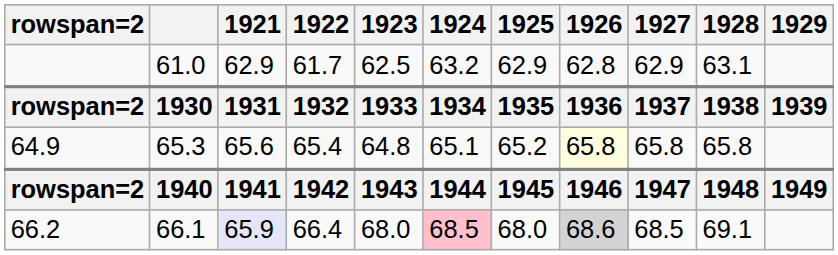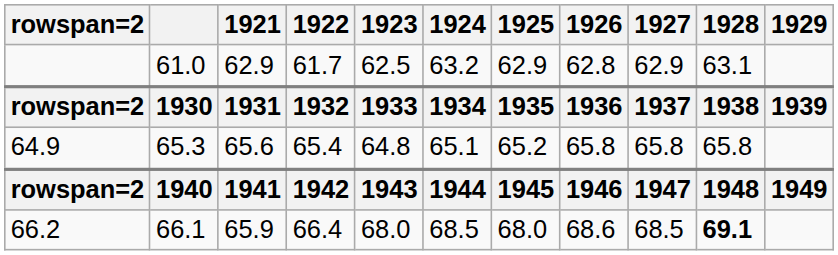 <table class="wikitable">
 <tr>
 <th>rowspan=2 </th>
 <th></th>
 <th>1921</th>
 <th>1922</th>
 <th>1923</th>
 <th>1924</th>
 <th>1925</th>
 <th>1926</th>
 <th>1927</th>
 <th>1928</th>
 <th>1929</th>
 </tr>
 <tr>
 <td></td>
 <td>61.0</td>
 <td>62.9</td>
 <td>61.7</td>
 <td>62.5</td>
 <td>63.2</td>
 <td>62.9</td>
 <td>62.8</td>
 <td>62.9</td>
 <td>63.1</td>
 </tr>
 <tr style="border-top:2px solid gray">
 <th>rowspan=2 </th>
 <th>1930</th>
 <th>1931</th>
 <th>1932</th>
 <th>1933</th>
 <th>1934</th>
 <th>1935</th>
 <th>1936</th>
 <th>1937</th>
 <th>1938</th>
 <th>1939</th>
 </tr>
 <tr>
 <td>64.9</td>
 <td>65.3</td>
 <td>65.6</td>
 <td>65.4</td>
 <td>64.8</td>
 <td>65.1</td>
 <td>65.2</td>
-<td style="background: lightyellow;">65.8</td>
+<td>65.8</td>
 <td>65.8</td>
 <td>65.8</td>
 </tr>
 <tr style="border-top:2px solid gray">
 <th>rowspan=2 </th>
 <th>1940</th>
 <th>1941</th>
 <th>1942</th>
 <th>1943</th>
 <th>1944</th>
 <th>1945</th>
 <th>1946</th>
 <th>1947</th>
 <th>1948</th>
 <th>1949</th>
 </tr>
 <tr>
 <td>66.2</td>
 <td>66.1</td>
-<td style="background: lavender;">65.9</td>
+<td>65.9</td>
 <td>66.4</td>
 <td>68.0</td>
-<td style="background: pink;">68.5</td>
+<td>68.5</td>
 <td>68.0</td>
-<td style="background: lightgrey;">68.6</td>
+<td>68.6</td>
 <td>68.5</td>
-<td>69.1</td>
+<td><strong>69.1</strong></td>
 </tr>
 </table>
